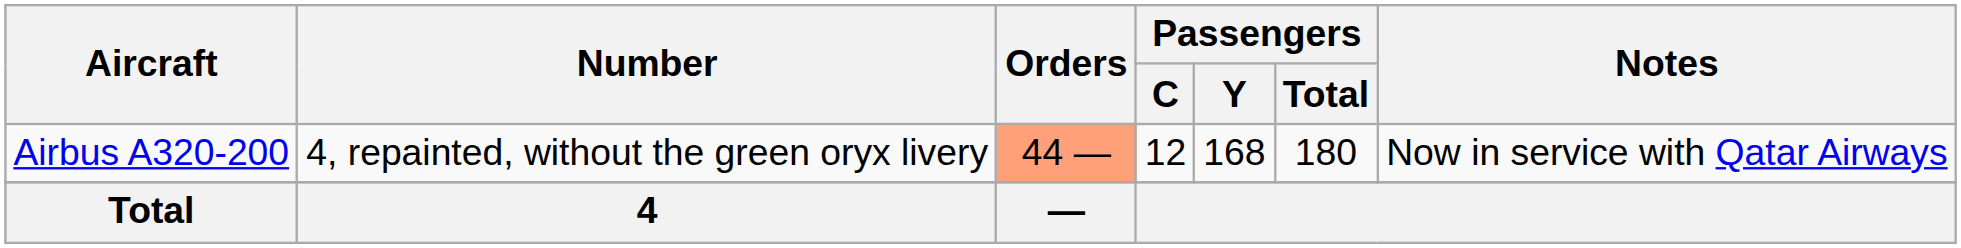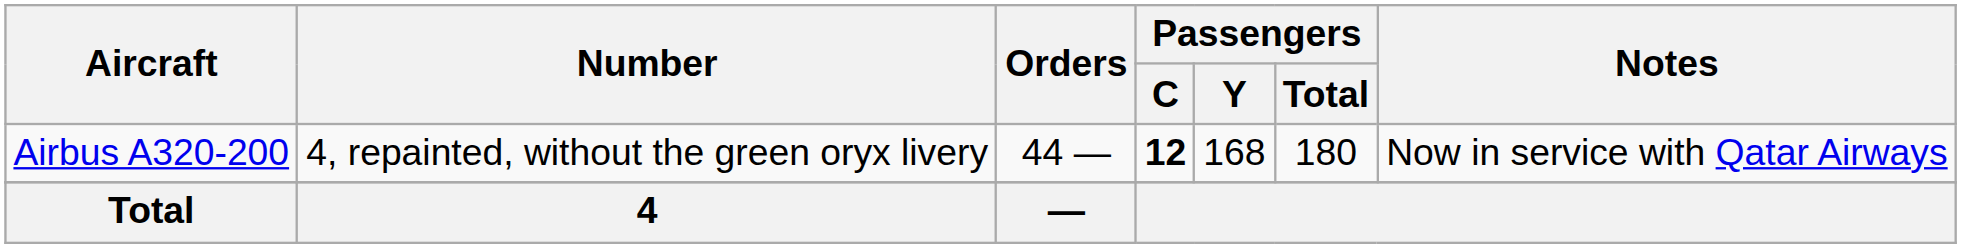 <table class="wikitable" style="text-align:center; margin:0.5em auto">
 <tr>
 <th rowspan="2">Aircraft</th>
 <th rowspan="2">Number</th>
 <th rowspan="2">Orders</th>
 <th colspan="3">Passengers</th>
 <th rowspan="2">Notes</th>
 </tr>
 <tr>
 <th><abbr>C</abbr></th>
 <th><abbr>Y</abbr></th>
 <th>Total</th>
 </tr>
 <tr>
 <td><a href='#'>Airbus A320-200</a></td>
 <td>4, repainted, without the green oryx livery</td>
-<td style="background: lightsalmon;">44 —</td>
-<td>12</td>
+<td>44 —</td>
+<td><strong>12</strong></td>
 <td>168</td>
 <td>180</td>
 <td>Now in service with <a href='#'>Qatar Airways</a></td>
 </tr>
 <tr>
 </tr>
 <tr>
 <th>Total</th>
 <th>4</th>
 <th>—</th>
 <th colspan="4"></th>
 </tr>
 </table>
